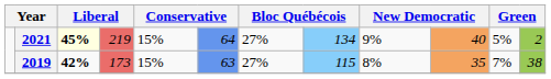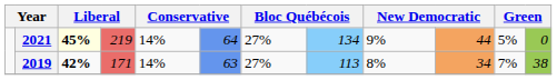 <table class="wikitable" style="width:600px; margin-left:1em;">
 <tr>
 <th colspan="2" scope="col">Year</th>
 <th colspan="2" scope="col"><a href='#'>Liberal</a></th>
 <th colspan="2" scope="col"><a href='#'>Conservative</a></th>
 <th colspan="2" scope="col"><a href='#'>Bloc Québécois</a></th>
 <th colspan="2" scope="col"><a href='#'>New Democratic</a></th>
 <th colspan="2" scope="col"><a href='#'>Green</a></th>
 </tr>
 <tr>
 <td rowspan="2" style="width: 0.25em; background-color: "></td>
 <th><a href='#'>2021</a></th>
 <td style="background: lightyellow;"><strong>45%</strong></td>
 <td style="text-align:right; background:#EA6D6A;"><em>219</em></td>
-<td>15%</td>
+<td>14%</td>
 <td style="text-align:right; background:#6495ED;"><em>64</em></td>
 <td>27%</td>
 <td style="text-align:right; background:#87CEFA;"><em>134</em></td>
 <td>9%</td>
-<td style="text-align:right; background:#F4A460;"><em>40</em></td>
+<td style="text-align:right; background:#F4A460;"><em>44</em></td>
 <td>5%</td>
-<td style="text-align:right; background:#99C955;"><em>2</em></td>
+<td style="text-align:right; background:#99C955;"><em>0</em></td>
 </tr>
 <tr>
 <th><a href='#'>2019</a></th>
 <td><strong>42%</strong></td>
-<td style="text-align:right; background:#EA6D6A;"><em>173</em></td>
-<td>15%</td>
+<td style="text-align:right; background:#EA6D6A;"><em>171</em></td>
+<td>14%</td>
 <td style="text-align:right; background:#6495ED;"><em>63</em></td>
 <td>27%</td>
-<td style="text-align:right; background:#87CEFA;"><em>115</em></td>
+<td style="text-align:right; background:#87CEFA;"><em>113</em></td>
 <td>8%</td>
-<td style="text-align:right; background:#F4A460;"><em>35</em></td>
+<td style="text-align:right; background:#F4A460;"><em>34</em></td>
 <td>7%</td>
 <td style="text-align:right; background:#99C955;"><em>38</em></td>
 </tr>
 <tr>
 </tr>
 </table>
